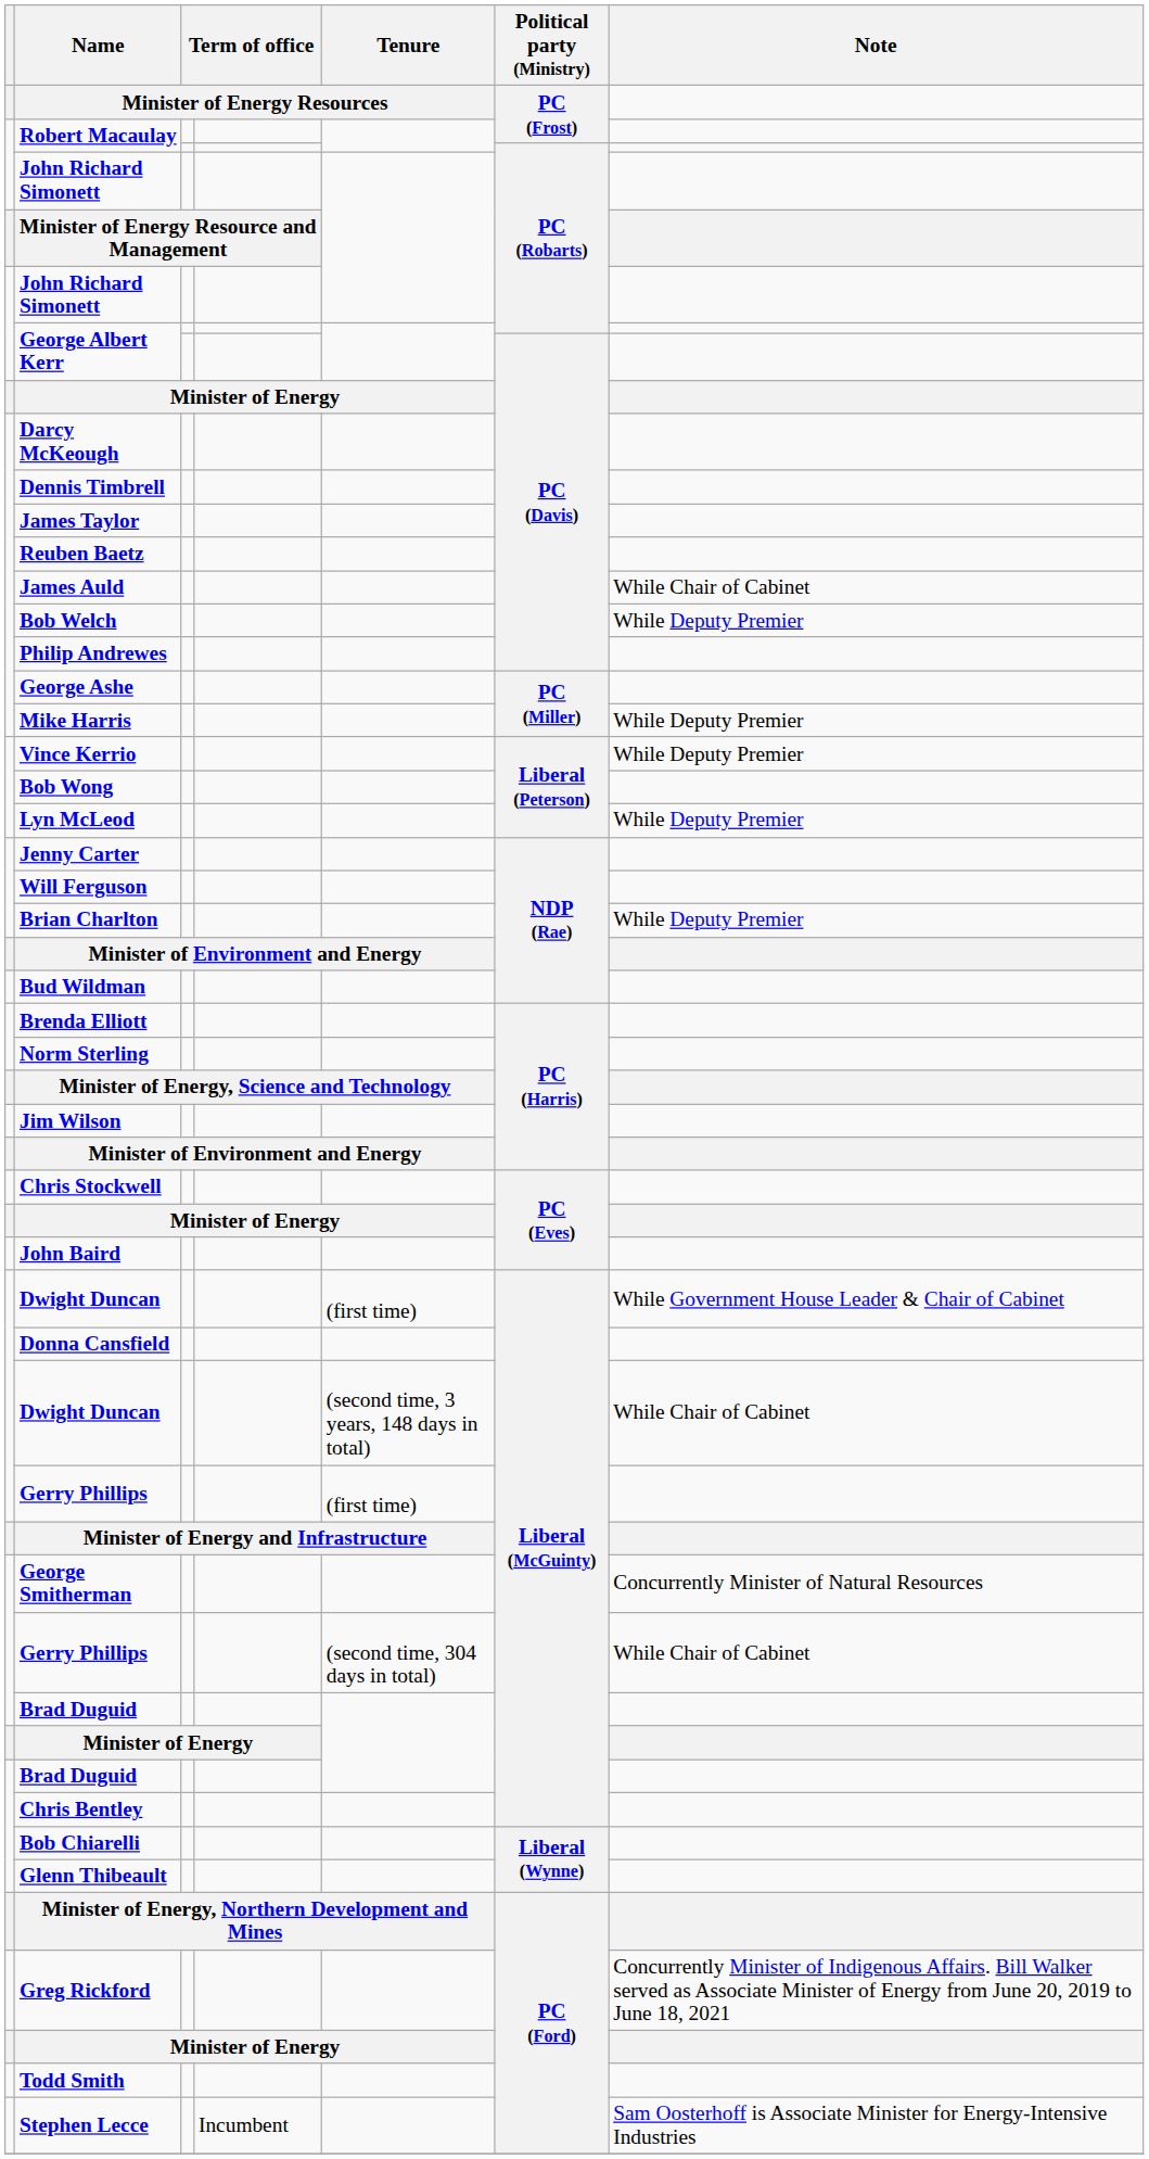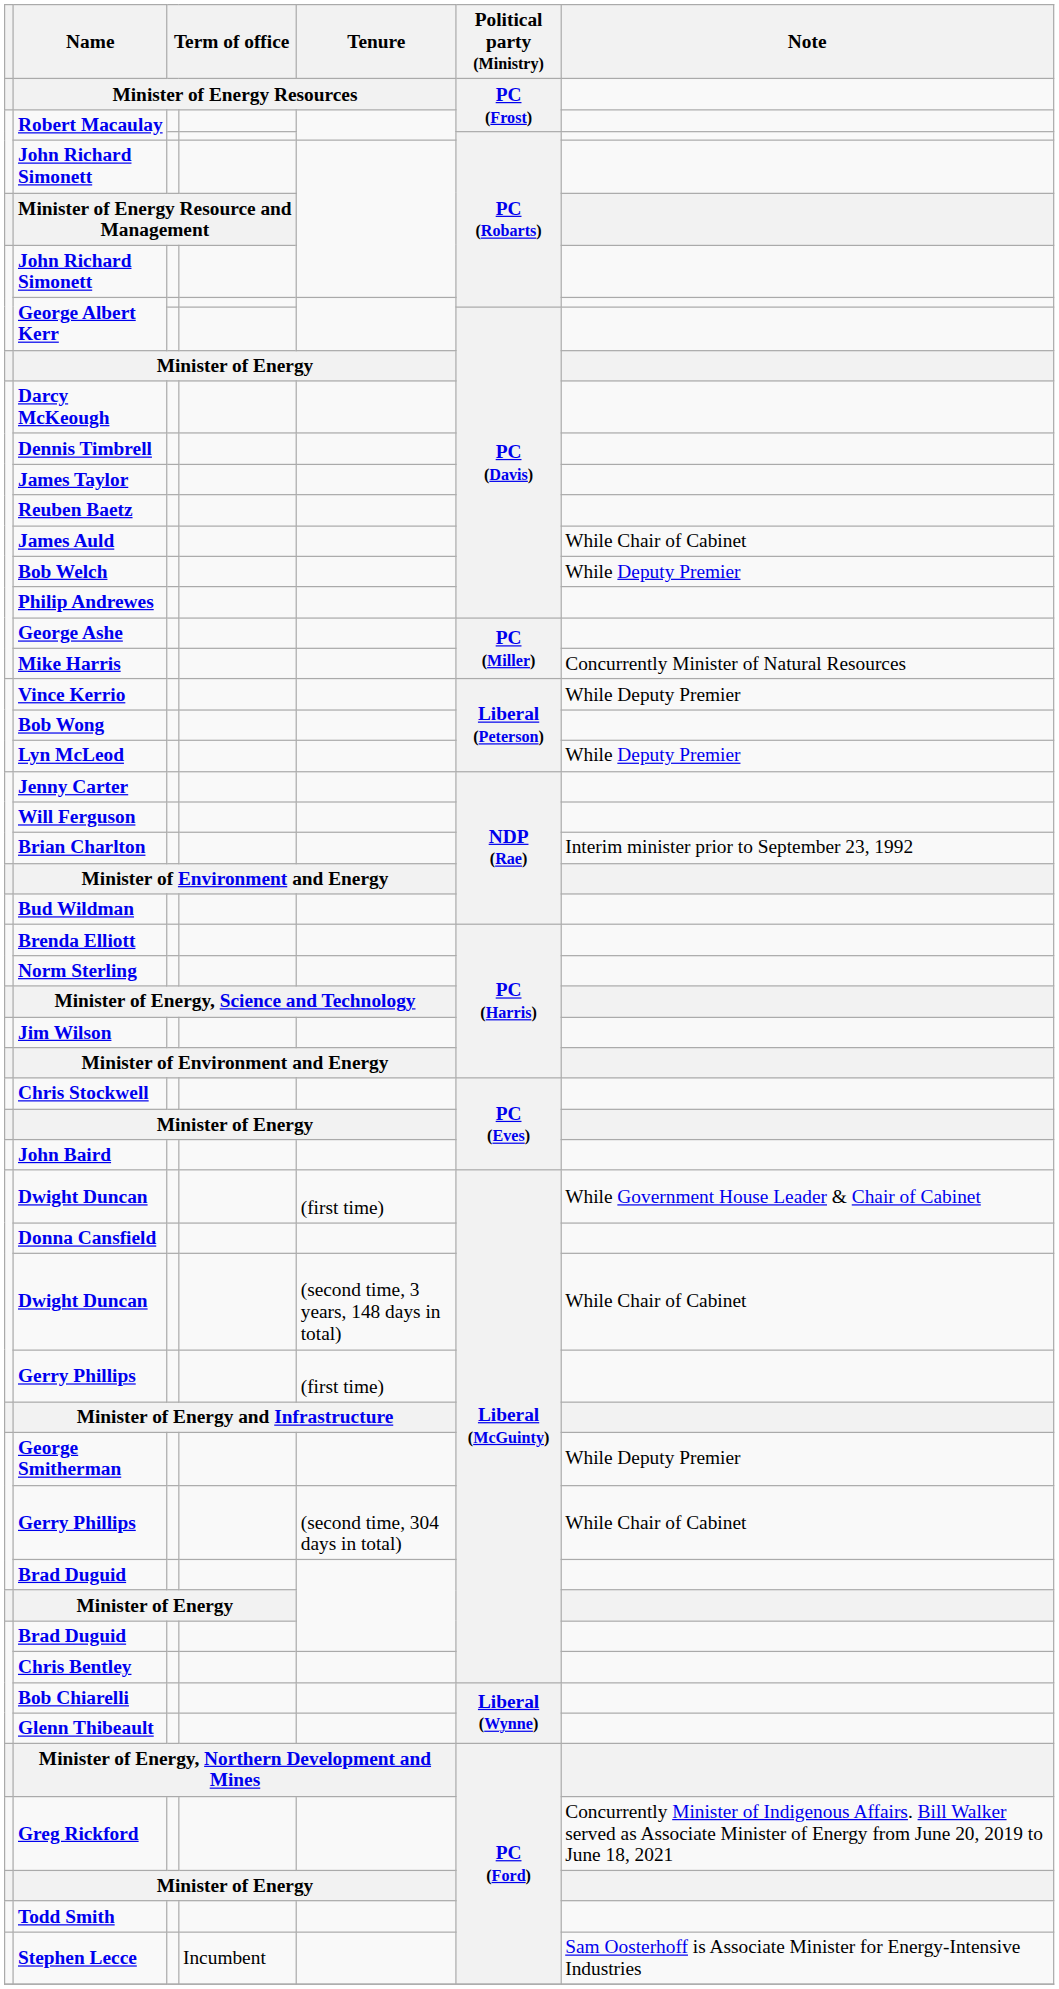 <table class="wikitable">
 <tr>
 <th></th>
 <th>Name</th>
 <th colspan=2; style="width: 125px;">Term of office</th>
 <th style="width: 125px;">Tenure</th>
 <th>Political party<br><small>(Ministry)</small></th>
 <th style="width: 400px;">Note</th>
 </tr>
 <tr>
 <th></th>
 <th colspan=4>Minister of Energy Resources</th>
 <th rowspan=2; style="background:"><a href='#'>PC</a><br><small>(<a href='#'>Frost</a>)</small></th>
 </tr>
 <tr>
 <td rowspan=3; style="background:"></td>
 <td rowspan=2><strong><a href='#'>Robert Macaulay</a></strong></td>
 <td></td>
 <td></td>
 <td rowspan=2></td>
 <td></td>
 </tr>
 <tr>
 <td></td>
 <td></td>
 <th rowspan=5; style="background:"><a href='#'>PC</a><br><small>(<a href='#'>Robarts</a>)</small></th>
 <td></td>
 </tr>
 <tr>
 <td><strong><a href='#'>John Richard Simonett</a></strong></td>
 <td></td>
 <td></td>
 <td rowspan=3></td>
 <td></td>
 </tr>
 <tr>
 <th></th>
 <th colspan=3>Minister of Energy Resource and Management</th>
 <th></th>
 </tr>
 <tr>
 <td rowspan=3; style="background:"></td>
 <td><strong><a href='#'>John Richard Simonett</a></strong></td>
 <td></td>
 <td></td>
 <td></td>
 </tr>
 <tr>
 <td rowspan=2><strong><a href='#'>George Albert Kerr</a></strong></td>
 <td></td>
 <td></td>
 <td rowspan=2></td>
 <td></td>
 </tr>
 <tr>
 <td></td>
 <td></td>
 <th rowspan=9; style="background:"><a href='#'>PC</a><br><small>(<a href='#'>Davis</a>)</small></th>
 <td></td>
 </tr>
 <tr>
 <th></th>
 <th colspan=4>Minister of Energy</th>
 <th></th>
 </tr>
 <tr>
 <td rowspan=9; style="background:"></td>
 <td><strong><a href='#'>Darcy McKeough</a></strong></td>
 <td></td>
 <td></td>
 <td></td>
 <td></td>
 </tr>
 <tr>
 <td><strong><a href='#'>Dennis Timbrell</a></strong></td>
 <td></td>
 <td></td>
 <td></td>
 <td></td>
 </tr>
 <tr>
 <td><strong><a href='#'>James Taylor</a></strong></td>
 <td></td>
 <td></td>
 <td></td>
 <td></td>
 </tr>
 <tr>
 <td><strong><a href='#'>Reuben Baetz</a></strong></td>
 <td></td>
 <td></td>
 <td></td>
 <td></td>
 </tr>
 <tr>
 <td><strong><a href='#'>James Auld</a></strong></td>
 <td></td>
 <td></td>
 <td></td>
 <td>While Chair of Cabinet</td>
 </tr>
 <tr>
 <td><strong><a href='#'>Bob Welch</a></strong></td>
 <td></td>
 <td></td>
 <td></td>
 <td>While <a href='#'>Deputy Premier</a></td>
 </tr>
 <tr>
 <td><strong><a href='#'>Philip Andrewes</a></strong></td>
 <td></td>
 <td></td>
 <td></td>
 <td></td>
 </tr>
 <tr>
 <td><strong><a href='#'>George Ashe</a></strong></td>
 <td></td>
 <td></td>
 <td></td>
 <th rowspan=2; style="background:"><a href='#'>PC</a><br><small>(<a href='#'>Miller</a>)</small></th>
 <td></td>
 </tr>
 <tr>
 <td><strong><a href='#'>Mike Harris</a></strong></td>
 <td></td>
 <td></td>
 <td></td>
-<td>While Deputy Premier</td>
+<td>Concurrently Minister of Natural Resources</td>
 </tr>
 <tr>
 <td rowspan=3; style="background:"></td>
 <td><strong><a href='#'>Vince Kerrio</a></strong></td>
 <td></td>
 <td></td>
 <td></td>
 <th rowspan=3; style="background:"><a href='#'>Liberal</a><br><small>(<a href='#'>Peterson</a>)</small></th>
 <td>While Deputy Premier</td>
 </tr>
 <tr>
 <td><strong><a href='#'>Bob Wong</a></strong></td>
 <td></td>
 <td></td>
 <td></td>
 <td></td>
 </tr>
 <tr>
 <td><strong><a href='#'>Lyn McLeod</a></strong></td>
 <td></td>
 <td></td>
 <td></td>
 <td>While <a href='#'>Deputy Premier</a></td>
 </tr>
 <tr>
 <td rowspan=3; style="background:"></td>
 <td><strong><a href='#'>Jenny Carter</a></strong></td>
 <td></td>
 <td></td>
 <td></td>
 <th rowspan=5 ; style="background:"><a href='#'>NDP</a><br><small>(<a href='#'>Rae</a>)</small></th>
 <td></td>
 </tr>
 <tr>
 <td><strong><a href='#'>Will Ferguson</a></strong></td>
 <td></td>
 <td></td>
 <td></td>
 <td></td>
 </tr>
 <tr>
 <td><strong><a href='#'>Brian Charlton</a></strong></td>
 <td></td>
 <td></td>
 <td></td>
-<td>While <a href='#'>Deputy Premier</a></td>
+<td>Interim minister prior to September 23, 1992</td>
 </tr>
 <tr>
 <th></th>
 <th colspan=4>Minister of <a href='#'>Environment</a> and Energy</th>
 <th></th>
 </tr>
 <tr>
 <td style="background:"></td>
 <td><strong><a href='#'>Bud Wildman</a></strong></td>
 <td></td>
 <td></td>
 <td></td>
 <td></td>
 </tr>
 <tr>
 <td rowspan=2; style="background:"></td>
 <td><strong><a href='#'>Brenda Elliott</a></strong></td>
 <td></td>
 <td></td>
 <td></td>
 <th rowspan=5 ; style="background:"><a href='#'>PC</a><br><small>(<a href='#'>Harris</a>)</small></th>
 <td></td>
 </tr>
 <tr>
 <td><strong><a href='#'>Norm Sterling</a></strong></td>
 <td></td>
 <td></td>
 <td></td>
 <td></td>
 </tr>
 <tr>
 <th></th>
 <th colspan=4>Minister of Energy, <a href='#'>Science and Technology</a></th>
 <th></th>
 </tr>
 <tr>
 <td style="background:"></td>
 <td><strong><a href='#'>Jim Wilson</a></strong></td>
 <td></td>
 <td></td>
 <td></td>
 <td></td>
 </tr>
 <tr>
 <th></th>
 <th colspan=4>Minister of Environment and Energy</th>
 <th></th>
 </tr>
 <tr>
 <td style="background:"></td>
 <td><strong><a href='#'>Chris Stockwell</a></strong></td>
 <td></td>
 <td></td>
 <td></td>
 <th rowspan=3 ; style="background:"><a href='#'>PC</a><br><small>(<a href='#'>Eves</a>)</small></th>
 <td></td>
 </tr>
 <tr>
 <th></th>
 <th colspan=4>Minister of Energy</th>
 <th></th>
 </tr>
 <tr>
 <td style="background:"></td>
 <td><strong><a href='#'>John Baird</a></strong></td>
 <td></td>
 <td></td>
 <td></td>
 <td></td>
 </tr>
 <tr>
 <td rowspan=4; style="background:"></td>
 <td><strong><a href='#'>Dwight Duncan</a></strong></td>
 <td></td>
 <td></td>
 <td><br>(first time)</td>
 <th rowspan=11; style="background:"><a href='#'>Liberal</a><br><small>(<a href='#'>McGuinty</a>)</small></th>
 <td>While <a href='#'>Government House Leader</a> & <a href='#'>Chair of Cabinet</a></td>
 </tr>
 <tr>
 <td><strong><a href='#'>Donna Cansfield</a></strong></td>
 <td></td>
 <td></td>
 <td></td>
 <td></td>
 </tr>
 <tr>
 <td><strong><a href='#'>Dwight Duncan</a></strong></td>
 <td></td>
 <td></td>
 <td><br>(second time, 3 years, 148 days in total)</td>
 <td>While Chair of Cabinet</td>
 </tr>
 <tr>
 <td><strong><a href='#'>Gerry Phillips</a></strong></td>
 <td></td>
 <td></td>
 <td><br>(first time)</td>
 <td></td>
 </tr>
 <tr>
 <th></th>
 <th colspan=4>Minister of Energy and <a href='#'>Infrastructure</a></th>
 <th></th>
 </tr>
 <tr>
 <td rowspan=3; style="background:"></td>
 <td><strong><a href='#'>George Smitherman</a></strong></td>
 <td></td>
 <td></td>
 <td></td>
-<td>Concurrently Minister of Natural Resources</td>
+<td>While Deputy Premier</td>
 </tr>
 <tr>
 <td><strong><a href='#'>Gerry Phillips</a></strong></td>
 <td></td>
 <td></td>
 <td><br>(second time, 304 days in total)</td>
 <td>While Chair of Cabinet</td>
 </tr>
 <tr>
 <td><strong><a href='#'>Brad Duguid</a></strong></td>
 <td></td>
 <td></td>
 <td rowspan=3></td>
 <td></td>
 </tr>
 <tr>
 <th></th>
 <th colspan=3>Minister of Energy</th>
 <th></th>
 </tr>
 <tr>
 <td rowspan=4; style="background:"></td>
 <td><strong><a href='#'>Brad Duguid</a></strong></td>
 <td></td>
 <td></td>
 <td></td>
 </tr>
 <tr>
 <td><strong><a href='#'>Chris Bentley</a></strong></td>
 <td></td>
 <td></td>
 <td></td>
 <td></td>
 </tr>
 <tr>
 <td><strong><a href='#'>Bob Chiarelli</a></strong></td>
 <td></td>
 <td></td>
 <td></td>
 <th rowspan=2; style="background:"><a href='#'>Liberal</a><br><small>(<a href='#'>Wynne</a>)</small></th>
 <td></td>
 </tr>
 <tr>
 <td><strong><a href='#'>Glenn Thibeault</a></strong></td>
 <td></td>
 <td></td>
 <td></td>
 <td></td>
 </tr>
 <tr>
 <th></th>
 <th colspan=4>Minister of Energy, <a href='#'>Northern Development and Mines</a></th>
 <th rowspan=5; style="background:"><a href='#'>PC</a><br><small>(<a href='#'>Ford</a>)</small></th>
 <th></th>
 </tr>
 <tr>
 <td style="background:"></td>
 <td><strong><a href='#'>Greg Rickford</a></strong></td>
 <td></td>
 <td></td>
 <td></td>
 <td>Concurrently <a href='#'>Minister of Indigenous Affairs</a>.  <a href='#'>Bill Walker</a> served as Associate Minister of Energy from June 20, 2019 to June 18, 2021</td>
 </tr>
 <tr>
 <th></th>
 <th colspan=4>Minister of Energy</th>
 <th></th>
 </tr>
 <tr>
 <td style="background:"></td>
 <td><strong><a href='#'>Todd Smith</a></strong></td>
 <td></td>
 <td></td>
 <td></td>
 <td></td>
 </tr>
 <tr>
 <td style="background:"></td>
 <td><strong><a href='#'>Stephen Lecce</a></strong></td>
 <td></td>
 <td>Incumbent</td>
 <td></td>
 <td><a href='#'>Sam Oosterhoff</a> is Associate Minister for Energy-Intensive Industries</td>
 </tr>
 <tr>
 </tr>
 </table>
